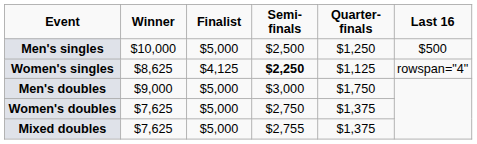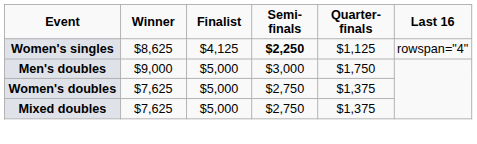 <table class="wikitable" style="font-size:90%; text-align:center">
 <tr>
 <td width="125"><strong>Event</strong></td>
 <td width="68"><strong>Winner</strong></td>
 <td width="68"><strong>Finalist</strong></td>
 <td width="68"><strong>Semi-finals</strong></td>
 <td width="80"><strong>Quarter-finals</strong></td>
 <td width="68"><strong>Last 16</strong></td>
-</tr>
-<tr>
-<td bgcolor="#dfe2e9"><strong>Men's singles</strong></td>
-<td>$10,000</td>
-<td>$5,000</td>
-<td>$2,500</td>
-<td>$1,250</td>
-<td>$500</td>
 </tr>
 <tr>
 <td bgcolor="#dfe2e9"><strong>Women's singles</strong></td>
 <td>$8,625</td>
 <td>$4,125</td>
 <td><strong>$2,250</strong></td>
 <td>$1,125</td>
 <td>rowspan="4" </td>
 </tr>
 <tr>
 <td bgcolor="#dfe2e9"><strong>Men's doubles</strong></td>
 <td>$9,000</td>
 <td>$5,000</td>
 <td>$3,000</td>
 <td>$1,750</td>
 </tr>
 <tr>
 <td bgcolor="#dfe2e9"><strong>Women's doubles</strong></td>
 <td>$7,625</td>
 <td>$5,000</td>
 <td>$2,750</td>
 <td>$1,375</td>
 </tr>
 <tr>
 <td bgcolor="#dfe2e9"><strong>Mixed doubles</strong></td>
 <td>$7,625</td>
 <td>$5,000</td>
-<td>$2,755</td>
+<td>$2,750</td>
 <td>$1,375</td>
 </tr>
 </table>
